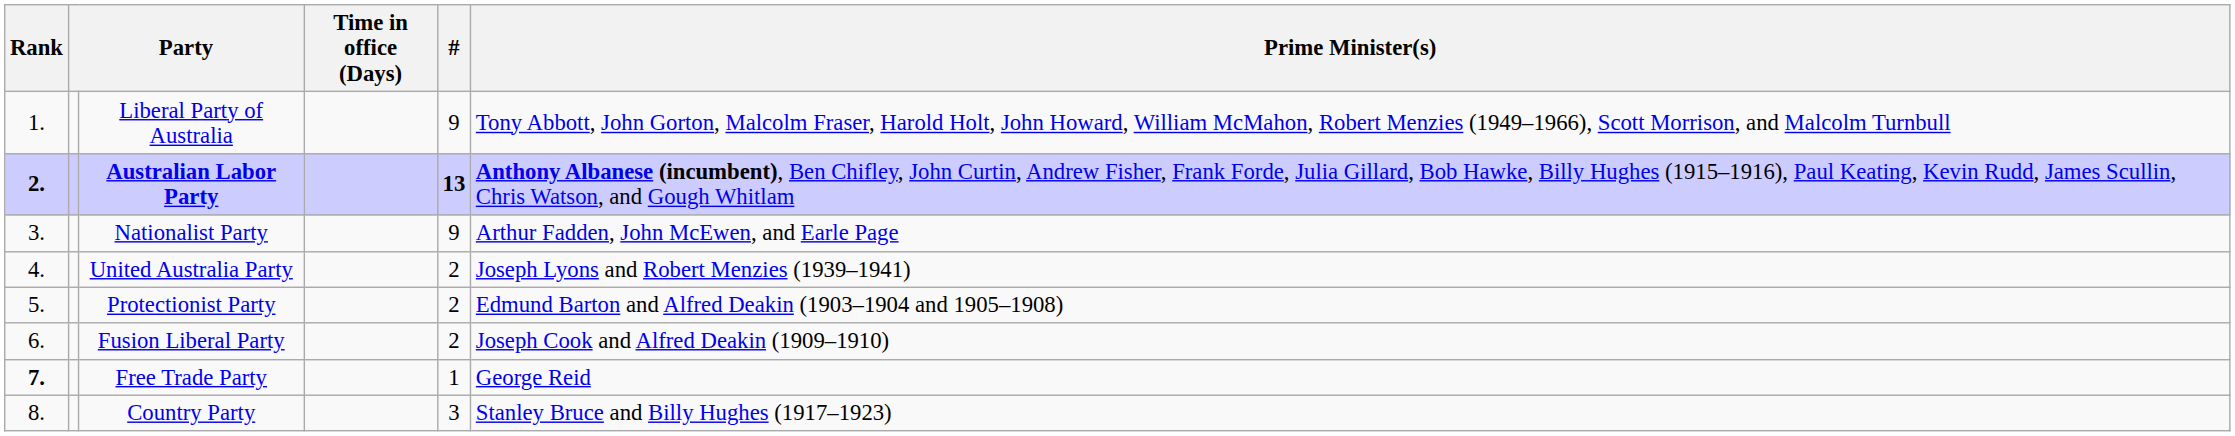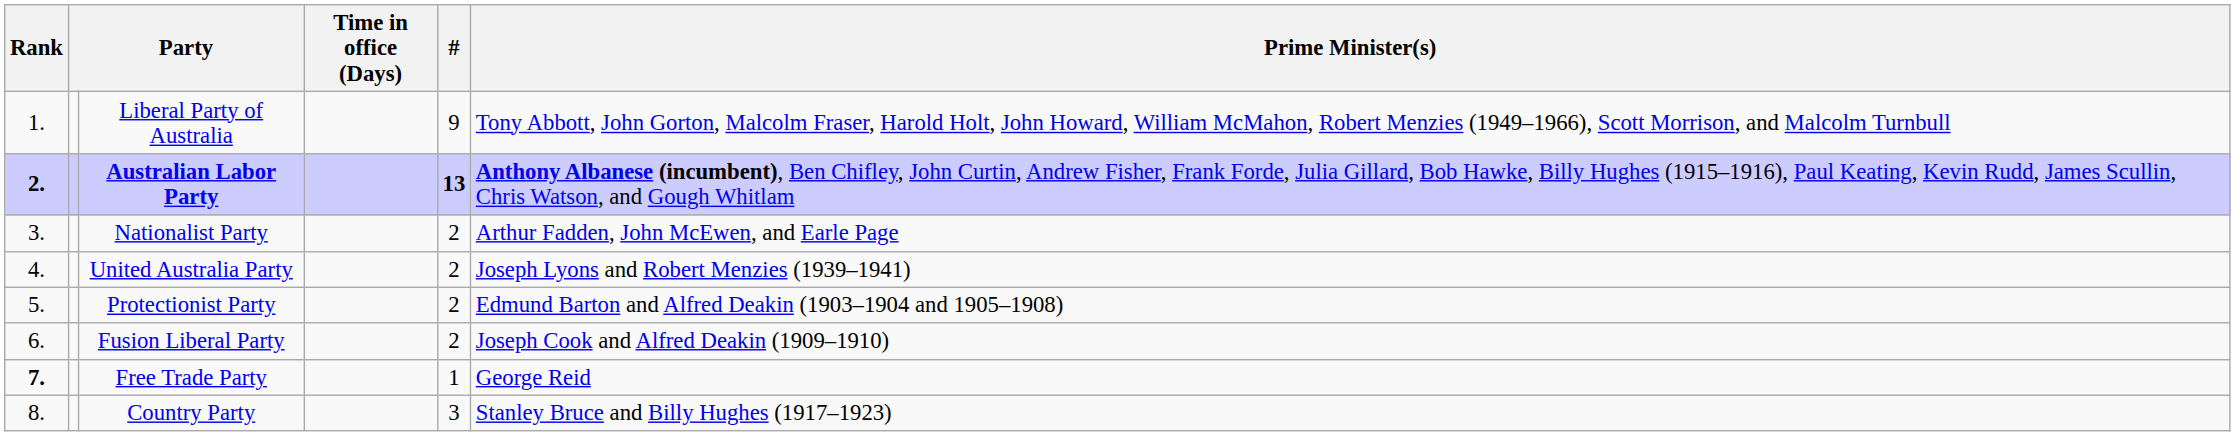 <table class="wikitable" style="text-align:center;">
 <tr>
 <th>Rank</th>
 <th colspan=2>Party</th>
 <th>Time in office<br>(Days)</th>
 <th><abbr>#</abbr></th>
 <th>Prime Minister(s)</th>
 </tr>
 <tr>
 <td>1.</td>
 <td style="background-color:"></td>
 <td><a href='#'>Liberal Party of Australia</a></td>
 <td></td>
 <td>9</td>
 <td style="text-align:left;"><a href='#'>Tony Abbott</a>, <a href='#'>John Gorton</a>, <a href='#'>Malcolm Fraser</a>, <a href='#'>Harold Holt</a>, <a href='#'>John Howard</a>, <a href='#'>William McMahon</a>, <a href='#'>Robert Menzies</a> (1949–1966), <a href='#'>Scott Morrison</a>, and <a href='#'>Malcolm Turnbull</a></td>
 </tr>
 <tr bgcolor="ccccff">
 <td style="font-weight:bold">2.</td>
 <td style="background-color:"></td>
 <td style="font-weight:bold"><a href='#'>Australian Labor Party</a></td>
 <td style="font-weight:bold"></td>
 <td style="font-weight:bold">13</td>
 <td style="text-align:left;"><strong><a href='#'>Anthony Albanese</a> (incumbent)</strong>, <a href='#'>Ben Chifley</a>, <a href='#'>John Curtin</a>, <a href='#'>Andrew Fisher</a>, <a href='#'>Frank Forde</a>, <a href='#'>Julia Gillard</a>, <a href='#'>Bob Hawke</a>, <a href='#'>Billy Hughes</a> (1915–1916), <a href='#'>Paul Keating</a>, <a href='#'>Kevin Rudd</a>, <a href='#'>James Scullin</a>, <a href='#'>Chris Watson</a>, and <a href='#'>Gough Whitlam</a></td>
 </tr>
 <tr>
 <td>3.</td>
 <td style="background-color:"></td>
 <td><a href='#'>Nationalist Party</a></td>
 <td></td>
-<td>9</td>
+<td>2</td>
 <td style="text-align:left;"><a href='#'>Arthur Fadden</a>, <a href='#'>John McEwen</a>, and <a href='#'>Earle Page</a></td>
 </tr>
 <tr>
 <td>4.</td>
 <td style="background-color:"></td>
 <td><a href='#'>United Australia Party</a></td>
 <td></td>
 <td>2</td>
 <td style="text-align:left;"><a href='#'>Joseph Lyons</a> and <a href='#'>Robert Menzies</a> (1939–1941)</td>
 </tr>
 <tr>
 <td>5.</td>
 <td style="background-color:"></td>
 <td><a href='#'>Protectionist Party</a></td>
 <td></td>
 <td>2</td>
 <td style="text-align:left;"><a href='#'>Edmund Barton</a> and <a href='#'>Alfred Deakin</a> (1903–1904 and 1905–1908)</td>
 </tr>
 <tr>
 <td>6.</td>
 <td style="background-color:"></td>
 <td><a href='#'>Fusion Liberal Party</a></td>
 <td></td>
 <td>2</td>
 <td style="text-align:left;"><a href='#'>Joseph Cook</a> and <a href='#'>Alfred Deakin</a> (1909–1910)</td>
 </tr>
 <tr>
 <td><strong>7.</strong></td>
 <td style="background-color:"></td>
 <td><a href='#'>Free Trade Party</a></td>
 <td></td>
 <td>1</td>
 <td style="text-align:left;"><a href='#'>George Reid</a></td>
 </tr>
 <tr>
 <td>8.</td>
 <td style="background-color:"></td>
 <td><a href='#'>Country Party</a></td>
 <td></td>
 <td>3</td>
 <td style="text-align:left;"><a href='#'>Stanley Bruce</a> and <a href='#'>Billy Hughes</a> (1917–1923)</td>
 </tr>
 </table>
